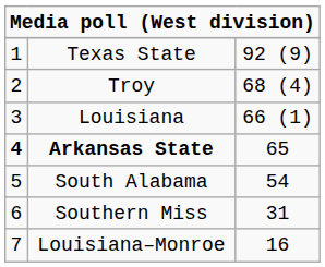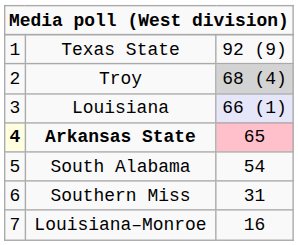 <table class="wikitable" style="display: inline-table;">
 <tr>
 <td align="center" Colspan="3"><strong>Media poll (West division)</strong></td>
 </tr>
 <tr align="center">
 </tr>
 <tr align="center">
 <td>1</td>
 <td>Texas State</td>
 <td>92 (9)</td>
 </tr>
 <tr align="center">
 <td>2</td>
 <td>Troy</td>
-<td>68 (4)</td>
+<td style="background: lightgrey;">68 (4)</td>
 </tr>
 <tr align="center">
 <td>3</td>
 <td>Louisiana</td>
-<td>66 (1)</td>
+<td style="background: lavender;">66 (1)</td>
 </tr>
 <tr align="center">
-<td><strong>4</strong></td>
+<td style="background: lightyellow;"><strong>4</strong></td>
 <td><strong>Arkansas State</strong></td>
-<td>65</td>
+<td style="background: pink;">65</td>
 </tr>
 <tr align="center">
 <td>5</td>
 <td>South Alabama</td>
 <td>54</td>
 </tr>
 <tr align="center">
 <td>6</td>
 <td>Southern Miss</td>
 <td>31</td>
 </tr>
 <tr align="center">
 <td>7</td>
 <td>Louisiana–Monroe</td>
 <td>16</td>
 </tr>
 </table>
